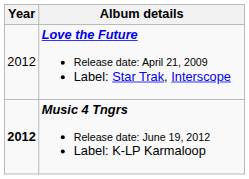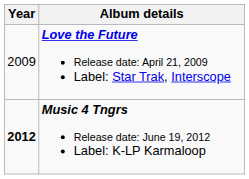 <table class="wikitable">
 <tr>
 <th>Year</th>
 <th style="width:250px;">Album details</th>
 </tr>
 <tr>
-<td>2012</td>
+<td>2009</td>
 <td align=><strong><em><a href='#'>Love the Future</a></em></strong><br><ul><li><small>Release date: April 21, 2009</small></li><li>Label: <a href='#'>Star Trak</a>, <a href='#'>Interscope</a></li></ul></td>
 </tr>
 <tr>
 <td><strong>2012</strong></td>
 <td align=><strong><em>Music 4 Tngrs</em></strong><br><ul><li><small>Release date: June 19, 2012</small></li><li>Label: K-LP Karmaloop</li></ul></td>
 </tr>
 </table>
